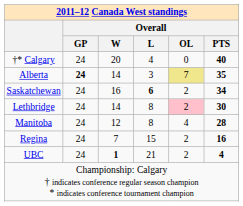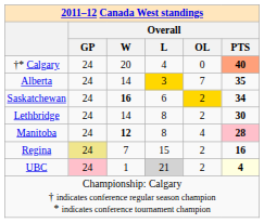 <table class=wikitable style="text-align:center; font-size:95%;">
 <tr>
 <th colspan="15" style="background-color: #FFE6BD;"><a href='#'>2011–12</a> <a href='#'>Canada West standings</a></th>
 </tr>
 <tr>
 <th rowspan="2"></th>
 <th colspan="7">Overall</th>
 </tr>
 <tr>
 <th width="15%">GP</th>
 <th width="15%">W</th>
 <th width="15%">L</th>
 <th width="15%">OL</th>
 <th width="15%">PTS</th>
 </tr>
 <tr>
 <td>†* <a href='#'>Calgary</a></td>
 <td>24</td>
 <td>20</td>
 <td>4</td>
 <td>0</td>
-<td><strong>40</strong></td>
+<td style="background: lightsalmon;"><strong>40</strong></td>
 </tr>
 <tr>
 <td><a href='#'>Alberta</a></td>
-<td><strong>24</strong></td>
+<td>24</td>
 <td>14</td>
-<td>3</td>
-<td style="background: khaki;">7</td>
+<td style="background: gold;">3</td>
+<td>7</td>
 <td><strong>35</strong></td>
 </tr>
 <tr>
 <td><a href='#'>Saskatchewan</a></td>
 <td>24</td>
-<td>16</td>
-<td><strong>6</strong></td>
-<td>2</td>
+<td><strong>16</strong></td>
+<td>6</td>
+<td style="background: gold;">2</td>
 <td><strong>34</strong></td>
 </tr>
 <tr>
 <td><a href='#'>Lethbridge</a></td>
 <td>24</td>
 <td>14</td>
 <td>8</td>
-<td style="background: pink;">2</td>
+<td>2</td>
 <td><strong>30</strong></td>
 </tr>
 <tr>
 <td><a href='#'>Manitoba</a></td>
 <td>24</td>
-<td>12</td>
+<td><strong>12</strong></td>
 <td>8</td>
 <td>4</td>
-<td><strong>28</strong></td>
+<td style="background: pink;"><strong>28</strong></td>
 </tr>
 <tr>
 <td><a href='#'>Regina</a></td>
-<td>24</td>
+<td style="background: khaki;">24</td>
 <td>7</td>
 <td>15</td>
 <td>2</td>
 <td><strong>16</strong></td>
 </tr>
 <tr>
 <td><a href='#'>UBC</a></td>
-<td>24</td>
-<td><strong>1</strong></td>
-<td>21</td>
+<td style="background: pink;">24</td>
+<td>1</td>
+<td style="background: lightgrey;">21</td>
 <td>2</td>
-<td><strong>4</strong></td>
+<td style="background: lightyellow;"><strong>4</strong></td>
 </tr>
 <tr>
 <td colspan=16 align=center>Championship: Calgary <br>† <small>indicates conference regular season champion</small><br>* <small>indicates conference tournament champion</small></td>
 </tr>
 </table>
